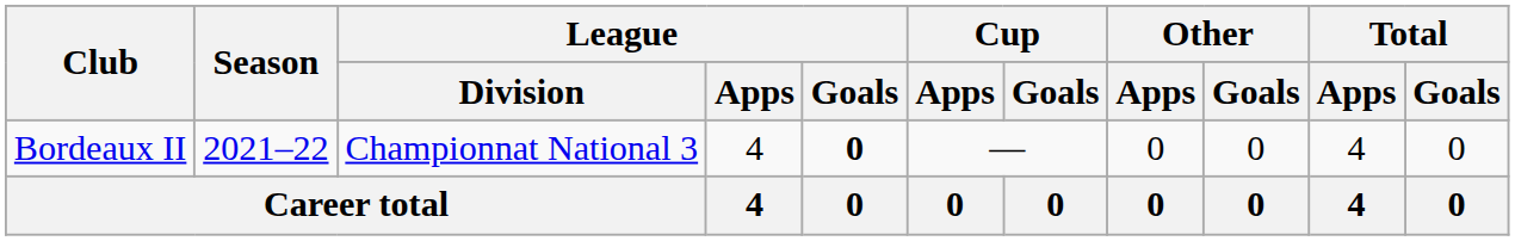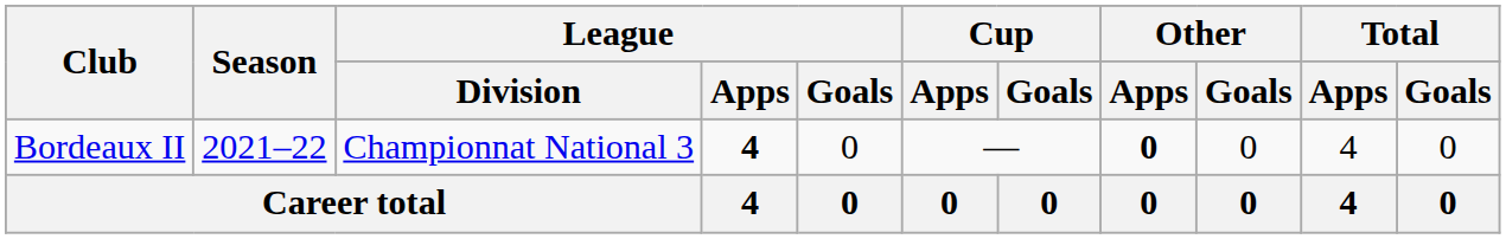 <table class=wikitable style=text-align:center>
 <tr>
 <th rowspan=2>Club</th>
 <th rowspan=2>Season</th>
 <th colspan=3>League</th>
 <th colspan=2>Cup</th>
 <th colspan=2>Other</th>
 <th colspan=2>Total</th>
 </tr>
 <tr>
 <th>Division</th>
 <th>Apps</th>
 <th>Goals</th>
 <th>Apps</th>
 <th>Goals</th>
 <th>Apps</th>
 <th>Goals</th>
 <th>Apps</th>
 <th>Goals</th>
 </tr>
 <tr>
 <td><a href='#'>Bordeaux II</a></td>
 <td><a href='#'>2021–22</a></td>
 <td><a href='#'>Championnat National 3</a></td>
-<td>4</td>
+<td><strong>4</strong></td>
+<td>0</td>
+<td colspan="2">—</td>
 <td><strong>0</strong></td>
-<td colspan="2">—</td>
-<td>0</td>
 <td>0</td>
 <td>4</td>
 <td>0</td>
 </tr>
 <tr>
 <th colspan=3>Career total</th>
 <th>4</th>
 <th>0</th>
 <th>0</th>
 <th>0</th>
 <th>0</th>
 <th>0</th>
 <th>4</th>
 <th>0</th>
 </tr>
 </table>
